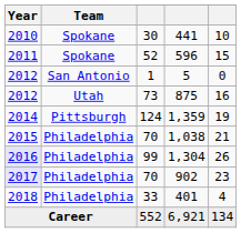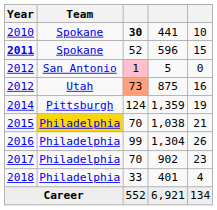 <table class="wikitable sortable" style="text-align:center">
 <tr>
 <th rowspan=2>Year</th>
 <th rowspan=2>Team</th>
 </tr>
 <tr>
 <th></th>
 <th></th>
 <th></th>
 </tr>
 <tr>
 <td><a href='#'>2010</a></td>
 <td><a href='#'>Spokane</a></td>
-<td>30</td>
+<td><strong>30</strong></td>
 <td>441</td>
 <td>10</td>
 </tr>
 <tr>
-<td><a href='#'>2011</a></td>
+<td><strong><a href='#'>2011</a></strong></td>
 <td><a href='#'>Spokane</a></td>
 <td>52</td>
 <td>596</td>
 <td>15</td>
 </tr>
 <tr>
 <td><a href='#'>2012</a></td>
 <td><a href='#'>San Antonio</a></td>
-<td>1</td>
+<td style="background: pink;">1</td>
 <td>5</td>
 <td>0</td>
 </tr>
 <tr>
 <td><a href='#'>2012</a></td>
 <td><a href='#'>Utah</a></td>
-<td>73</td>
+<td style="background: lightsalmon;">73</td>
 <td>875</td>
 <td>16</td>
 </tr>
 <tr>
 <td><a href='#'>2014</a></td>
 <td><a href='#'>Pittsburgh</a></td>
 <td>124</td>
 <td>1,359</td>
 <td>19</td>
 </tr>
 <tr>
 <td><a href='#'>2015</a></td>
-<td><a href='#'>Philadelphia</a></td>
+<td style="background: gold;"><a href='#'>Philadelphia</a></td>
 <td>70</td>
 <td>1,038</td>
 <td>21</td>
 </tr>
 <tr>
-<td style="background: lavender;"><a href='#'>2016</a></td>
+<td><a href='#'>2016</a></td>
 <td><a href='#'>Philadelphia</a></td>
 <td>99</td>
 <td>1,304</td>
 <td>26</td>
 </tr>
 <tr>
-<td style="background: lavender;"><a href='#'>2017</a></td>
+<td><a href='#'>2017</a></td>
 <td><a href='#'>Philadelphia</a></td>
 <td>70</td>
 <td>902</td>
 <td>23</td>
 </tr>
 <tr>
 <td><a href='#'>2018</a></td>
 <td><a href='#'>Philadelphia</a></td>
 <td>33</td>
 <td>401</td>
 <td>4</td>
 </tr>
 <tr class="sortbottom" style="background:#eee;">
 <td colspan=2><strong>Career</strong></td>
 <td>552</td>
 <td>6,921</td>
 <td>134</td>
 </tr>
 </table>
